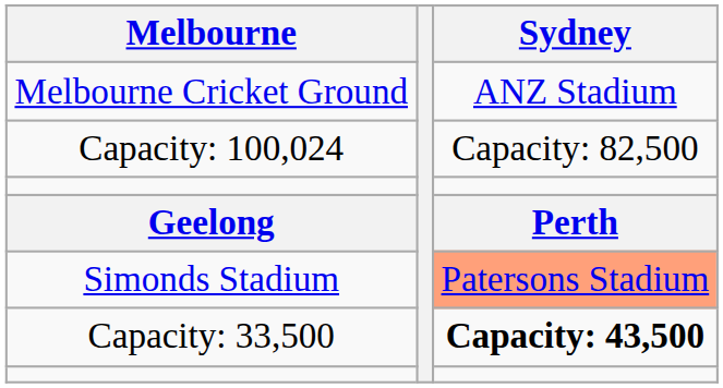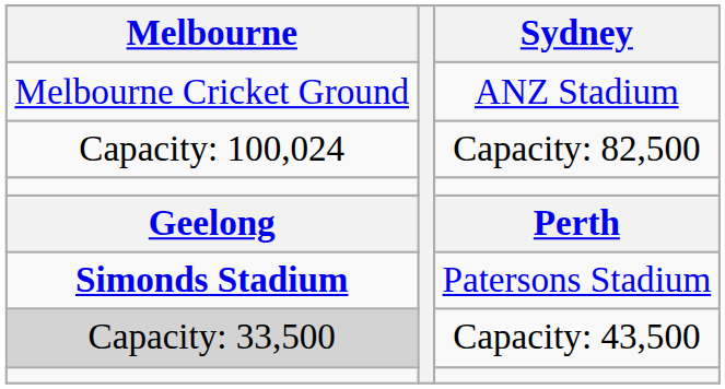 <table class="wikitable" style="margin:1em auto; text-align:center">
 <tr>
 <th><a href='#'>Melbourne</a></th>
 <th rowspan=8 colspan=2></th>
 <th><a href='#'>Sydney</a></th>
 </tr>
 <tr>
 <td><a href='#'>Melbourne Cricket Ground</a></td>
 <td><a href='#'>ANZ Stadium</a></td>
 </tr>
 <tr>
 <td>Capacity: 100,024</td>
 <td>Capacity: 82,500</td>
 </tr>
 <tr>
 <td></td>
 <td></td>
 </tr>
 <tr>
 <th><a href='#'>Geelong</a></th>
 <th><a href='#'>Perth</a></th>
 </tr>
 <tr>
-<td><a href='#'>Simonds Stadium</a></td>
-<td style="background: lightsalmon;"><a href='#'>Patersons Stadium</a></td>
+<td><strong><a href='#'>Simonds Stadium</a></strong></td>
+<td><a href='#'>Patersons Stadium</a></td>
 </tr>
 <tr>
-<td>Capacity: 33,500</td>
-<td><strong>Capacity: 43,500</strong></td>
+<td style="background: lightgrey;">Capacity: 33,500</td>
+<td>Capacity: 43,500</td>
 </tr>
 <tr>
 <td></td>
 <td></td>
 </tr>
 </table>
